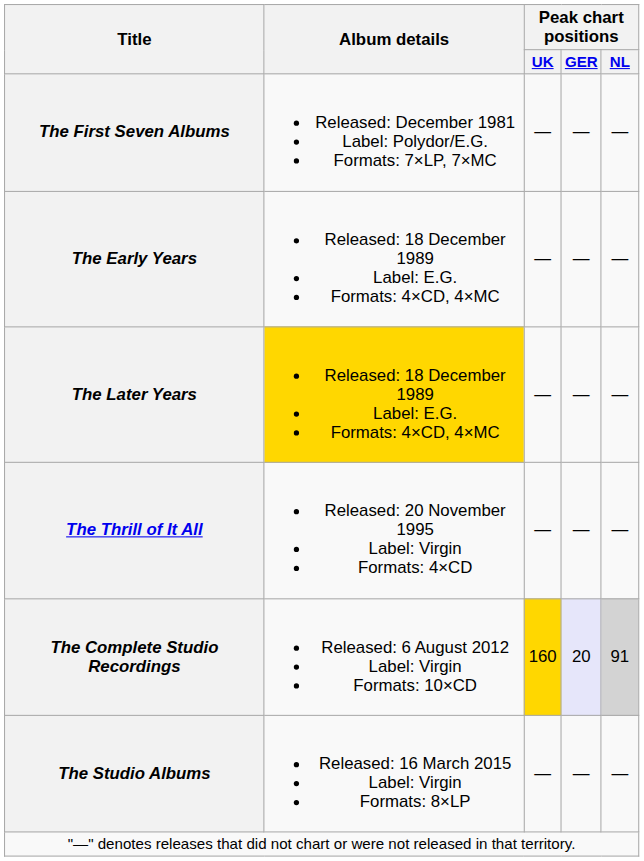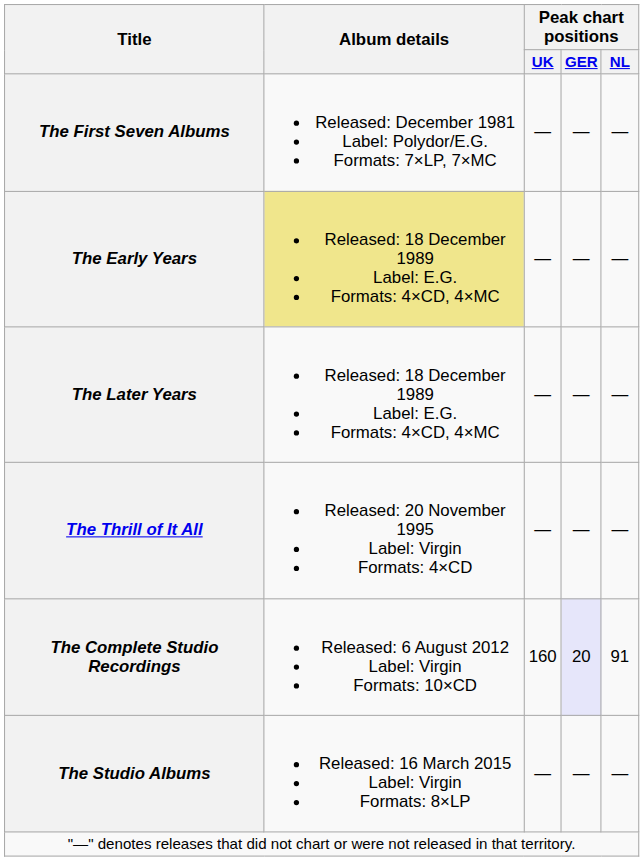 <table class="wikitable plainrowheaders" style="text-align:center;">
 <tr>
 <th scope="col" rowspan="2" style="width:15em;">Title</th>
 <th scope="col" rowspan="2" style="width:15em;">Album details</th>
 <th scope="col" colspan="3">Peak chart positions</th>
 </tr>
 <tr>
 <th scope="col" style="width:2em;font-size:90%;"><a href='#'>UK</a><br></th>
 <th scope="col" style="width:2em;font-size:90%;"><a href='#'>GER</a><br></th>
 <th scope="col" style="width:2em;font-size:90%;"><a href='#'>NL</a><br></th>
 </tr>
 <tr>
 <th scope="row"><em>The First Seven Albums</em></th>
 <td><br><ul><li>Released: December 1981</li><li>Label: Polydor/E.G.</li><li>Formats: 7×LP, 7×MC</li></ul></td>
 <td>—</td>
 <td>—</td>
 <td>—</td>
 </tr>
 <tr>
 <th scope="row"><em>The Early Years</em></th>
-<td><br><ul><li>Released: 18 December 1989</li><li>Label: E.G.</li><li>Formats: 4×CD, 4×MC</li></ul></td>
+<td style="background: khaki;"><br><ul><li>Released: 18 December 1989</li><li>Label: E.G.</li><li>Formats: 4×CD, 4×MC</li></ul></td>
 <td>—</td>
 <td>—</td>
 <td>—</td>
 </tr>
 <tr>
 <th scope="row"><em>The Later Years</em></th>
-<td style="background: gold;"><br><ul><li>Released: 18 December 1989</li><li>Label: E.G.</li><li>Formats: 4×CD, 4×MC</li></ul></td>
+<td><br><ul><li>Released: 18 December 1989</li><li>Label: E.G.</li><li>Formats: 4×CD, 4×MC</li></ul></td>
 <td>—</td>
 <td>—</td>
 <td>—</td>
 </tr>
 <tr>
 <th scope="row"><em><a href='#'>The Thrill of It All</a></em></th>
 <td><br><ul><li>Released: 20 November 1995</li><li>Label: Virgin</li><li>Formats: 4×CD</li></ul></td>
 <td>—</td>
 <td>—</td>
 <td>—</td>
 </tr>
 <tr>
 <th scope="row"><em>The Complete Studio Recordings</em></th>
 <td><br><ul><li>Released: 6 August 2012</li><li>Label: Virgin</li><li>Formats: 10×CD</li></ul></td>
-<td style="background: gold;">160</td>
+<td>160</td>
 <td style="background: lavender;">20</td>
-<td style="background: lightgrey;">91</td>
+<td>91</td>
 </tr>
 <tr>
 <th scope="row"><em>The Studio Albums</em></th>
 <td><br><ul><li>Released: 16 March 2015</li><li>Label: Virgin</li><li>Formats: 8×LP</li></ul></td>
 <td>—</td>
 <td>—</td>
 <td>—</td>
 </tr>
 <tr>
 <td colspan="5" style="font-size:90%">"—" denotes releases that did not chart or were not released in that territory.</td>
 </tr>
 </table>
